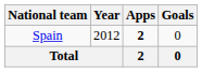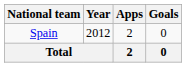 <table class=wikitable style="text-align: center">
 <tr>
 <th>National team</th>
 <th>Year</th>
 <th>Apps</th>
 <th>Goals</th>
 </tr>
 <tr>
 <td><a href='#'>Spain</a></td>
 <td>2012</td>
-<td><strong>2</strong></td>
+<td>2</td>
 <td>0</td>
 </tr>
 <tr>
 <th colspan="2">Total</th>
 <th>2</th>
 <th>0</th>
 </tr>
 </table>
